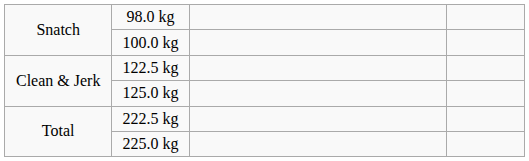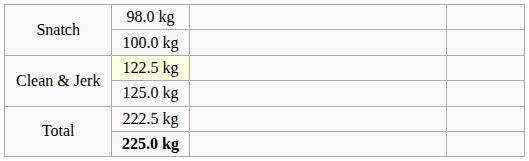 <table class = "wikitable" style="text-align:center;">
 <tr>
 <td width=100 rowspan=2>Snatch</td>
 <td width=70>98.0 kg</td>
 <td width=250 align=left></td>
 <td width=70></td>
 </tr>
 <tr>
 <td>100.0 kg</td>
 <td align=left></td>
 <td></td>
 </tr>
 <tr>
 <td rowspan=2>Clean & Jerk</td>
-<td>122.5 kg</td>
+<td style="background: lightyellow;">122.5 kg</td>
 <td align=left></td>
 <td></td>
 </tr>
 <tr>
 <td>125.0 kg</td>
 <td align=left></td>
 <td></td>
 </tr>
 <tr>
 <td rowspan=2>Total</td>
 <td>222.5 kg</td>
 <td align=left></td>
 <td></td>
 </tr>
 <tr>
-<td>225.0 kg</td>
+<td><strong>225.0 kg</strong></td>
 <td align=left></td>
 <td></td>
 </tr>
 </table>
